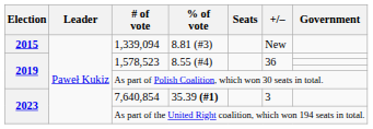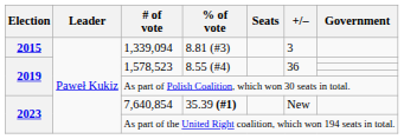 <table class=wikitable>
 <tr>
 <th>Election</th>
 <th>Leader</th>
 <th># of<br>vote</th>
 <th>% of<br>vote</th>
 <th>Seats</th>
 <th>+/–</th>
 <th>Government</th>
 </tr>
 <tr>
 <th><a href='#'>2015</a></th>
 <td rowspan="7"><a href='#'>Paweł Kukiz</a></td>
 <td>1,339,094</td>
 <td>8.81 (#3)</td>
 <td></td>
-<td>New</td>
+<td> 3</td>
 <td></td>
 </tr>
 <tr>
 <th rowspan="4"><a href='#'>2019</a></th>
 <td rowspan="3">1,578,523</td>
 <td rowspan="3">8.55 (#4)</td>
 <td rowspan="3"></td>
 <td rowspan="3"> 36</td>
 <td></td>
 </tr>
 <tr>
 <td></td>
 </tr>
 <tr>
 <td></td>
 </tr>
 <tr>
 <td colspan="5"><small>As part of <a href='#'>Polish Coalition</a>, which won 30 seats in total.</small></td>
 </tr>
 <tr>
 <th rowspan="2"><a href='#'>2023</a></th>
 <td>7,640,854</td>
 <td>35.39 <strong>(#1)</strong></td>
 <td></td>
-<td> 3</td>
+<td>New</td>
 <td></td>
 </tr>
 <tr>
 <td colspan="5"><small>As part of the <a href='#'>United Right</a> coalition, which won 194 seats in total.</small></td>
 </tr>
 </table>
